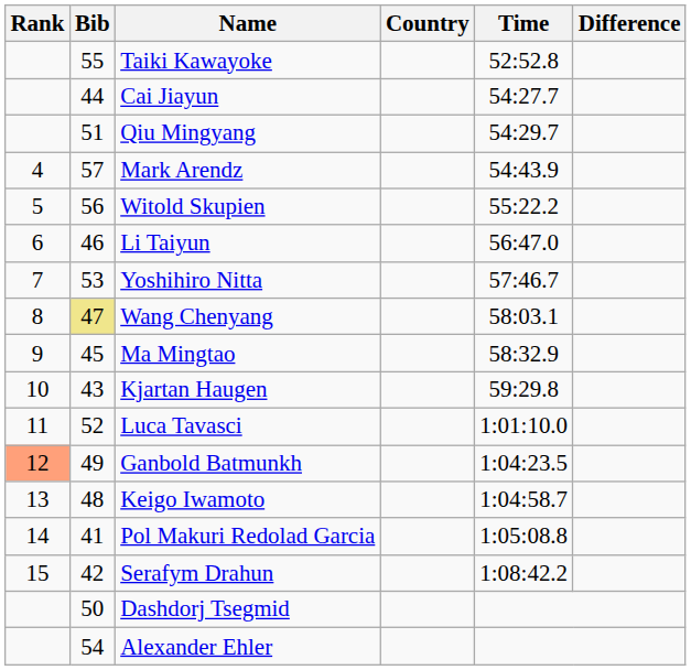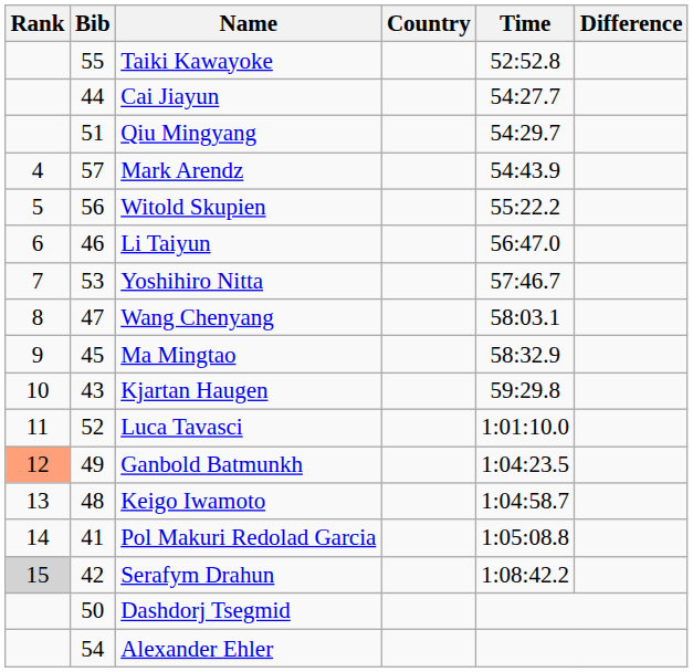 <table class="wikitable sortable" style="text-align:center">
 <tr>
 <th>Rank</th>
 <th>Bib</th>
 <th>Name</th>
 <th>Country</th>
 <th>Time</th>
 <th>Difference</th>
 </tr>
 <tr>
 <td></td>
 <td>55</td>
 <td align="left"><a href='#'>Taiki Kawayoke</a></td>
 <td align="left"></td>
 <td>52:52.8</td>
 <td></td>
 </tr>
 <tr>
 <td></td>
 <td>44</td>
 <td align="left"><a href='#'>Cai Jiayun</a></td>
 <td align="left"></td>
 <td>54:27.7</td>
 <td></td>
 </tr>
 <tr>
 <td></td>
 <td>51</td>
 <td align="left"><a href='#'>Qiu Mingyang</a></td>
 <td align="left"></td>
 <td>54:29.7</td>
 <td></td>
 </tr>
 <tr>
 <td>4</td>
 <td>57</td>
 <td align="left"><a href='#'>Mark Arendz</a></td>
 <td align="left"></td>
 <td>54:43.9</td>
 <td></td>
 </tr>
 <tr>
 <td>5</td>
 <td>56</td>
 <td align="left"><a href='#'>Witold Skupien</a></td>
 <td align="left"></td>
 <td>55:22.2</td>
 <td></td>
 </tr>
 <tr>
 <td>6</td>
 <td>46</td>
 <td align="left"><a href='#'>Li Taiyun</a></td>
 <td align="left"></td>
 <td>56:47.0</td>
 <td></td>
 </tr>
 <tr>
 <td>7</td>
 <td>53</td>
 <td align=left><a href='#'>Yoshihiro Nitta</a></td>
 <td align=left></td>
 <td>57:46.7</td>
 <td></td>
 </tr>
 <tr>
 <td>8</td>
-<td style="background: khaki;">47</td>
+<td>47</td>
 <td align="left"><a href='#'>Wang Chenyang</a></td>
 <td align="left"></td>
 <td>58:03.1</td>
 <td></td>
 </tr>
 <tr>
 <td>9</td>
 <td>45</td>
 <td align="left"><a href='#'>Ma Mingtao</a></td>
 <td align="left"></td>
 <td>58:32.9</td>
 <td></td>
 </tr>
 <tr>
 <td>10</td>
 <td>43</td>
 <td align=left><a href='#'>Kjartan Haugen</a></td>
 <td align=left></td>
 <td>59:29.8</td>
 <td></td>
 </tr>
 <tr>
 <td>11</td>
 <td>52</td>
 <td align="left"><a href='#'>Luca Tavasci</a></td>
 <td align="left"></td>
 <td>1:01:10.0</td>
 <td></td>
 </tr>
 <tr>
 <td style="background: lightsalmon;">12</td>
 <td>49</td>
 <td align="left"><a href='#'>Ganbold Batmunkh</a></td>
 <td align="left"></td>
 <td>1:04:23.5</td>
 <td></td>
 </tr>
 <tr>
 <td>13</td>
 <td>48</td>
 <td align="left"><a href='#'>Keigo Iwamoto</a></td>
 <td align="left"></td>
 <td>1:04:58.7</td>
 <td></td>
 </tr>
 <tr>
 <td>14</td>
 <td>41</td>
 <td align="left"><a href='#'>Pol Makuri Redolad Garcia</a></td>
 <td align="left"></td>
 <td>1:05:08.8</td>
 <td></td>
 </tr>
 <tr>
-<td>15</td>
+<td style="background: lightgrey;">15</td>
 <td>42</td>
 <td align="left"><a href='#'>Serafym Drahun</a></td>
 <td align="left"></td>
 <td>1:08:42.2</td>
 <td></td>
 </tr>
 <tr>
 <td></td>
 <td>50</td>
 <td align="left"><a href='#'>Dashdorj Tsegmid</a></td>
 <td align="left"></td>
 <td colspan=2></td>
 </tr>
 <tr>
 <td></td>
 <td>54</td>
 <td align="left"><a href='#'>Alexander Ehler</a></td>
 <td align="left"></td>
 <td colspan=2></td>
 </tr>
 </table>
